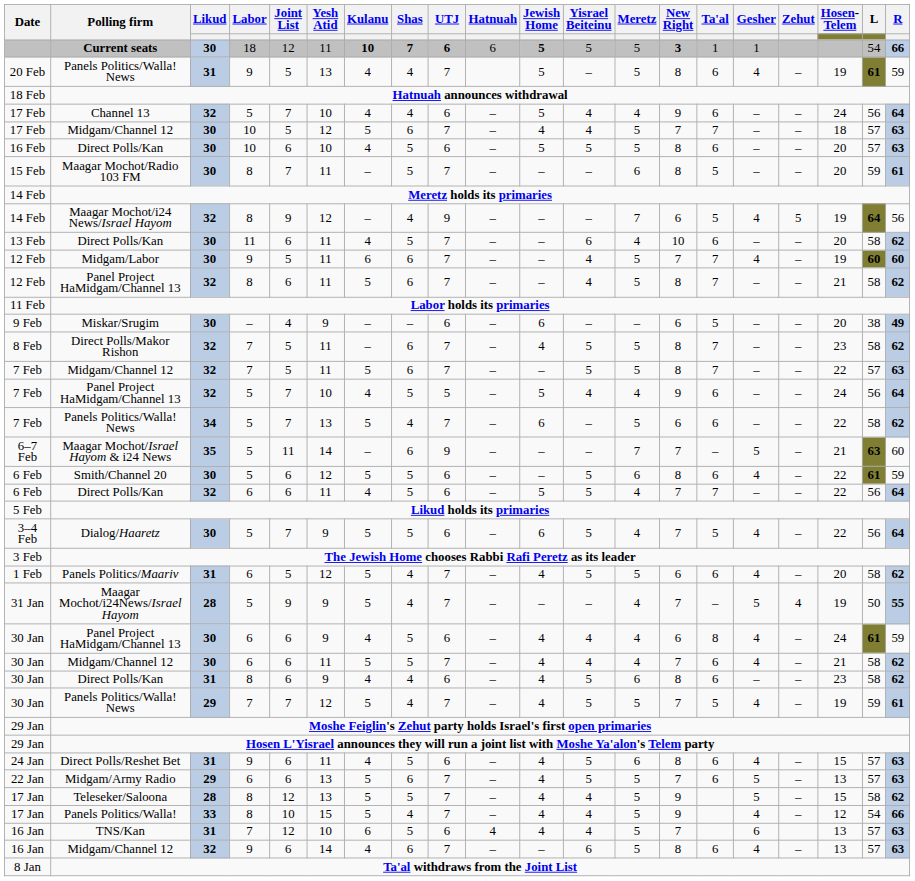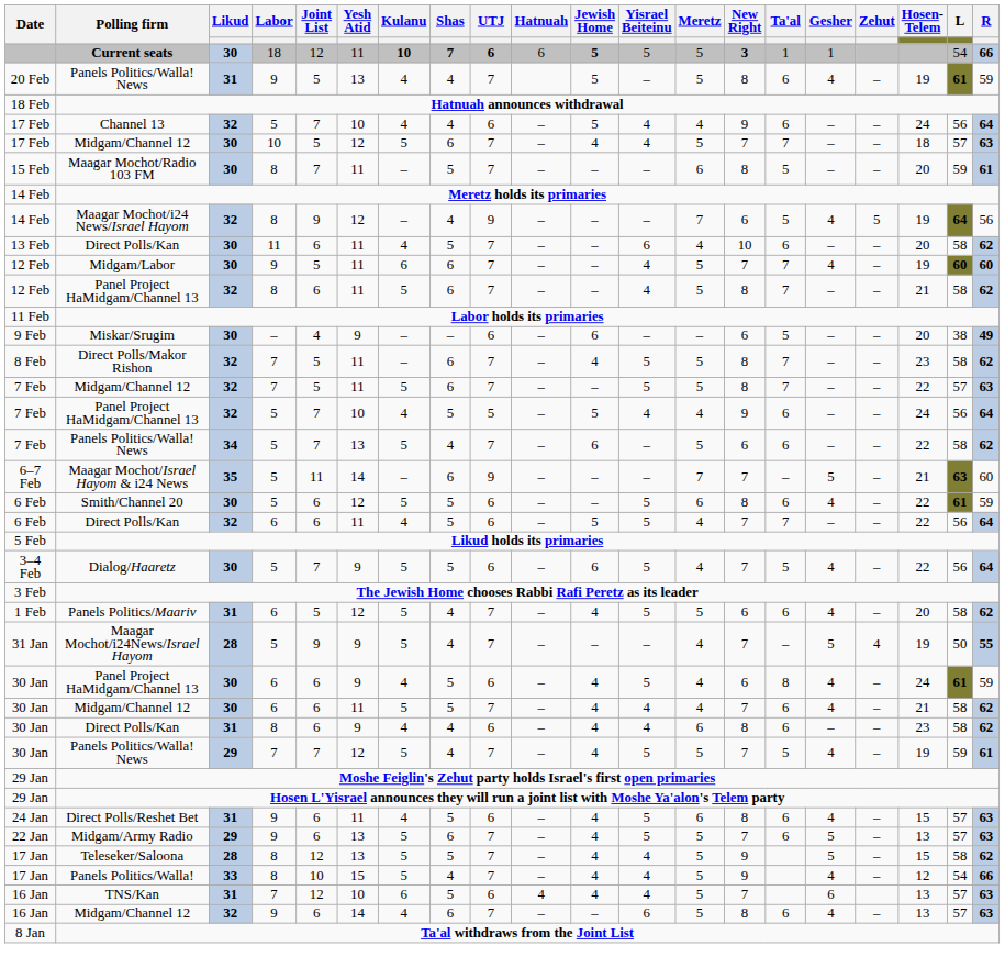 <table class="wikitable sortable" style="text-align:center;font-size:90%;line-height:13px">
 <tr>
 <th style="width:45px;" rowspan="2">Date</th>
 <th style="width:150px;" rowspan="2">Polling firm</th>
 <th class="unsortable" style="width:35px;"><a href='#'>Likud</a></th>
 <th class="unsortable" style="width:35px;"><a href='#'>Labor</a></th>
 <th class="unsortable" style="width:35px;"><a href='#'>Joint<br>List</a></th>
 <th class="unsortable" style="width:35px;"><a href='#'>Yesh<br>Atid</a></th>
 <th class="unsortable" style="width:35px;"><a href='#'>Kulanu</a></th>
 <th class="unsortable" style="width:35px;"><a href='#'>Shas</a></th>
 <th class="unsortable" style="width:35px;"><a href='#'>UTJ</a></th>
 <th class="unsortable" style="width:35px;"><a href='#'>Hatnuah</a></th>
 <th class="unsortable" style="width:35px;"><a href='#'>Jewish<br>Home</a></th>
 <th class="unsortable" style="width:35px;"><a href='#'>Yisrael<br>Beiteinu</a></th>
 <th class="unsortable" style="width:35px;"><a href='#'>Meretz</a></th>
 <th class="unsortable" style="width:35px;"><a href='#'>New<br>Right</a></th>
 <th class="unsortable" style="width:35px;"><a href='#'>Ta'al</a></th>
 <th class="unsortable" style="width:35px;"><a href='#'>Gesher</a></th>
 <th class="unsortable" style="width:35px;"><a href='#'>Zehut</a></th>
 <th class="unsortable" style="width:35px;"><a href='#'>Hosen</a>-<br><a href='#'>Telem</a></th>
 <th class="unsortable" style="width:20px;">L</th>
 <th class="unsortable" style="width:20px;"><a href='#'>R</a></th>
 </tr>
 <tr>
 <th style="color:inherit;background:"></th>
 <th style="color:inherit;background:"></th>
 <th style="color:inherit;background:"></th>
 <th style="color:inherit;background:"></th>
 <th style="color:inherit;background:"></th>
 <th style="color:inherit;background:"></th>
 <th style="color:inherit;background:"></th>
 <th style="color:inherit;background:"></th>
 <th style="color:inherit;background:"></th>
 <th style="color:inherit;background:"></th>
 <th style="color:inherit;background:"></th>
 <th style="color:inherit;background:"></th>
 <th style="color:inherit;background:"></th>
 <th style="color:inherit;background:"></th>
 <th style="color:inherit;background:"></th>
 <th style="color:inherit;background:#807e33;"></th>
 <th style="color:inherit;background:#807e33;"></th>
 <th style="color:inherit;background:"></th>
 </tr>
 <tr>
 <td style="background:silver"></td>
 <td style="background:silver"><strong>Current seats</strong></td>
 <td style="background:#BBCDE4"><strong>30</strong></td>
 <td style="background:silver">18</td>
 <td style="background:silver">12</td>
 <td style="background:silver">11</td>
 <td style="background:silver"><strong>10</strong></td>
 <td style="background:silver"><strong>7</strong></td>
 <td style="background:silver"><strong>6</strong></td>
 <td style="background:silver">6</td>
 <td style="background:silver"><strong>5</strong></td>
 <td style="background:silver">5</td>
 <td style="background:silver">5</td>
 <td style="background:silver"><strong>3</strong></td>
 <td style="background:silver">1</td>
 <td style="background:silver">1</td>
 <td style="background:silver"></td>
 <td style="background:silver"></td>
 <td style="background:silver">54</td>
 <td style="background:#BBCDE4"><strong>66</strong></td>
 </tr>
 <tr>
 <td data-sort-value="2019-02-20">20 Feb</td>
 <td>Panels Politics/Walla! News</td>
 <td style="background:#BBCDE4"><strong>31</strong>	</td>
 <td>9					</td>
 <td>5					</td>
 <td>13					</td>
 <td>4					</td>
 <td>4					</td>
 <td>7					</td>
 <td>				</td>
 <td>5					</td>
 <td>–					</td>
 <td>5					</td>
 <td>8					</td>
 <td>6					</td>
 <td>4					</td>
 <td>–					</td>
 <td>19					</td>
 <td style="background:#807e33"><strong>61</strong>	</td>
 <td>59					</td>
 </tr>
 <tr>
 <td data-sort-value="2019-02-18">18 Feb</td>
 <td colspan="19"><strong><a href='#'>Hatnuah</a> announces withdrawal</strong></td>
 </tr>
 <tr>
 <td data-sort-value="2019-02-17">17 Feb</td>
 <td>Channel 13</td>
 <td style="background:#BBCDE4"><strong>32</strong>	</td>
 <td>5					</td>
 <td>7					</td>
 <td>10					</td>
 <td>4					</td>
 <td>4					</td>
 <td>6					</td>
 <td>–					</td>
 <td>5					</td>
 <td>4					</td>
 <td>4					</td>
 <td>9					</td>
 <td>6					</td>
 <td>–					</td>
 <td>–					</td>
 <td>24					</td>
 <td>56					</td>
 <td style="background:#BBCDE4"><strong>64</strong>	</td>
 </tr>
 <tr>
 <td data-sort-value="2019-02-17">17 Feb</td>
 <td>Midgam/Channel 12</td>
 <td style="background:#BBCDE4"><strong>30</strong>	</td>
 <td>10					</td>
 <td>5					</td>
 <td>12					</td>
 <td>5					</td>
 <td>6					</td>
 <td>7					</td>
 <td>–					</td>
 <td>4					</td>
 <td>4					</td>
 <td>5					</td>
 <td>7					</td>
 <td>7					</td>
 <td>–					</td>
 <td>–					</td>
 <td>18					</td>
-<td>57					</td>
-<td style="background:#BBCDE4"><strong>63</strong>	</td>
-</tr>
-<tr>
-<td data-sort-value="2019-02-16">16 Feb</td>
-<td>Direct Polls/Kan</td>
-<td style="background:#BBCDE4"><strong>30</strong>	</td>
-<td>10					</td>
-<td>6					</td>
-<td>10					</td>
-<td>4					</td>
-<td>5					</td>
-<td>6					</td>
-<td>–					</td>
-<td>5					</td>
-<td>5					</td>
-<td>5					</td>
-<td>8					</td>
-<td>6					</td>
-<td>–					</td>
-<td>–					</td>
-<td>20					</td>
 <td>57					</td>
 <td style="background:#BBCDE4"><strong>63</strong>	</td>
 </tr>
 <tr>
 <td data-sort-value="2019-02-15">15 Feb</td>
 <td>Maagar Mochot/Radio 103 FM</td>
 <td style="background:#BBCDE4"><strong>30</strong>	</td>
 <td>8					</td>
 <td>7					</td>
 <td>11					</td>
 <td>–					</td>
 <td>5					</td>
 <td>7					</td>
 <td>–					</td>
 <td>–					</td>
 <td>–					</td>
 <td>6					</td>
 <td>8					</td>
 <td>5					</td>
 <td>–					</td>
 <td>–					</td>
 <td>20					</td>
 <td>59					</td>
 <td style="background:#BBCDE4"><strong>61</strong>	</td>
 </tr>
 <tr>
 <td data-sort-value="2019-02-14">14 Feb</td>
 <td colspan="19"><strong><a href='#'>Meretz</a> holds its <a href='#'>primaries</a></strong></td>
 </tr>
 <tr>
 <td data-sort-value="2019-02-14">14 Feb</td>
 <td>Maagar Mochot/i24 News/<em>Israel Hayom</em></td>
 <td style="background:#BBCDE4"><strong>32</strong>	</td>
 <td>8					</td>
 <td>9					</td>
 <td>12					</td>
 <td>–					</td>
 <td>4					</td>
 <td>9					</td>
 <td>–					</td>
 <td>–					</td>
 <td>–					</td>
 <td>7					</td>
 <td>6					</td>
 <td>5					</td>
 <td>4					</td>
 <td>5					</td>
 <td>19					</td>
 <td style="background:#807e33"><strong>64</strong>	</td>
 <td>56					</td>
 </tr>
 <tr>
 <td data-sort-value="2019-02-13">13 Feb</td>
 <td>Direct Polls/Kan</td>
 <td style="background:#BBCDE4"><strong>30</strong>	</td>
 <td>11					</td>
 <td>6					</td>
 <td>11					</td>
 <td>4					</td>
 <td>5					</td>
 <td>7					</td>
 <td>–					</td>
 <td>–					</td>
 <td>6					</td>
 <td>4					</td>
 <td>10					</td>
 <td>6					</td>
 <td>–					</td>
 <td>–					</td>
 <td>20					</td>
 <td>58					</td>
 <td style="background:#BBCDE4"><strong>62</strong>	</td>
 </tr>
 <tr>
 <td data-sort-value="2019-02-12">12 Feb</td>
 <td>Midgam/Labor</td>
 <td style="background:#BBCDE4"><strong>30</strong>	</td>
 <td>9					</td>
 <td>5					</td>
 <td>11					</td>
 <td>6					</td>
 <td>6					</td>
 <td>7					</td>
 <td>–					</td>
 <td>–					</td>
 <td>4					</td>
 <td>5					</td>
 <td>7					</td>
 <td>7					</td>
 <td>4					</td>
 <td>–					</td>
 <td>19					</td>
 <td style="background:#807e33"><strong>60</strong>	</td>
 <td style="background:#BBCDE4"><strong>60</strong>	</td>
 </tr>
 <tr>
 <td data-sort-value="2019-02-12">12 Feb</td>
 <td>Panel Project HaMidgam/Channel 13</td>
 <td style="background:#BBCDE4"><strong>32</strong>	</td>
 <td>8					</td>
 <td>6					</td>
 <td>11					</td>
 <td>5					</td>
 <td>6					</td>
 <td>7					</td>
 <td>–					</td>
 <td>–					</td>
 <td>4					</td>
 <td>5					</td>
 <td>8					</td>
 <td>7					</td>
 <td>–					</td>
 <td>–					</td>
 <td>21					</td>
 <td>58					</td>
 <td style="background:#BBCDE4"><strong>62</strong>	</td>
 </tr>
 <tr>
 <td data-sort-value="2019-02-11">11 Feb</td>
 <td colspan="19"><strong><a href='#'>Labor</a> holds its <a href='#'>primaries</a></strong></td>
 </tr>
 <tr>
 <td data-sort-value="2019-02-09">9 Feb</td>
 <td>Miskar/Srugim</td>
 <td style="background:#BBCDE4"><strong>30</strong>	</td>
 <td>–					</td>
 <td>4					</td>
 <td>9					</td>
 <td>–					</td>
 <td>–					</td>
 <td>6					</td>
 <td>–					</td>
 <td>6					</td>
 <td>–					</td>
 <td>–					</td>
 <td>6					</td>
 <td>5					</td>
 <td>–					</td>
 <td>–					</td>
 <td>20					</td>
 <td>38					</td>
 <td style="background:#BBCDE4"><strong>49</strong>	</td>
 </tr>
 <tr>
 <td data-sort-value="2019-02-08">8 Feb</td>
 <td>Direct Polls/Makor Rishon</td>
 <td style="background:#BBCDE4"><strong>32</strong>	</td>
 <td>7					</td>
 <td>5					</td>
 <td>11					</td>
 <td>–					</td>
 <td>6					</td>
 <td>7					</td>
 <td>–					</td>
 <td>4					</td>
 <td>5					</td>
 <td>5					</td>
 <td>8					</td>
 <td>7					</td>
 <td>–					</td>
 <td>–					</td>
 <td>23					</td>
 <td>58					</td>
 <td style="background:#BBCDE4"><strong>62</strong>	</td>
 </tr>
 <tr>
 <td data-sort-value="2019-02-07">7 Feb</td>
 <td>Midgam/Channel 12</td>
 <td style="background:#BBCDE4"><strong>32</strong>	</td>
 <td>7					</td>
 <td>5					</td>
 <td>11					</td>
 <td>5					</td>
 <td>6					</td>
 <td>7					</td>
 <td>–					</td>
 <td>–					</td>
 <td>5					</td>
 <td>5					</td>
 <td>8					</td>
 <td>7					</td>
 <td>–					</td>
 <td>–					</td>
 <td>22					</td>
 <td>57					</td>
 <td style="background:#BBCDE4"><strong>63</strong>	</td>
 </tr>
 <tr>
 <td data-sort-value="2019-02-07">7 Feb</td>
 <td>Panel Project HaMidgam/Channel 13</td>
 <td style="background:#BBCDE4"><strong>32</strong>	</td>
 <td>5					</td>
 <td>7					</td>
 <td>10					</td>
 <td>4					</td>
 <td>5					</td>
 <td>5					</td>
 <td>–					</td>
 <td>5					</td>
 <td>4					</td>
 <td>4					</td>
 <td>9					</td>
 <td>6					</td>
 <td>–					</td>
 <td>–					</td>
 <td>24					</td>
 <td>56					</td>
 <td style="background:#BBCDE4"><strong>64</strong>	</td>
 </tr>
 <tr>
 <td data-sort-value="2019-02-07">7 Feb</td>
 <td>Panels Politics/Walla! News</td>
 <td style="background:#BBCDE4"><strong>34</strong>	</td>
 <td>5					</td>
 <td>7					</td>
 <td>13					</td>
 <td>5					</td>
 <td>4					</td>
 <td>7					</td>
 <td>–					</td>
 <td>6					</td>
 <td>–					</td>
 <td>5					</td>
 <td>6					</td>
 <td>6					</td>
 <td>–					</td>
 <td>–					</td>
 <td>22					</td>
 <td>58					</td>
 <td style="background:#BBCDE4"><strong>62</strong>	</td>
 </tr>
 <tr>
 <td data-sort-value="2019-02-07">6–7 Feb</td>
 <td>Maagar Mochot/<em>Israel Hayom</em> & i24 News</td>
 <td style="background:#BBCDE4"><strong>35</strong>	</td>
 <td>5					</td>
 <td>11					</td>
 <td>14					</td>
 <td>–					</td>
 <td>6					</td>
 <td>9					</td>
 <td>–					</td>
 <td>–					</td>
 <td>–					</td>
 <td>7					</td>
 <td>7					</td>
 <td>–					</td>
 <td>5					</td>
 <td>–					</td>
 <td>21					</td>
 <td style="background:#807e33"><strong>63</strong>	</td>
 <td>60					</td>
 </tr>
 <tr>
 <td data-sort-value="2019-02-06">6 Feb</td>
 <td>Smith/Channel 20</td>
 <td style="background:#BBCDE4"><strong>30</strong>	</td>
 <td>5					</td>
 <td>6					</td>
 <td>12					</td>
 <td>5					</td>
 <td>5					</td>
 <td>6					</td>
 <td>–					</td>
 <td>–					</td>
 <td>5					</td>
 <td>6					</td>
 <td>8					</td>
 <td>6					</td>
 <td>4					</td>
 <td>–					</td>
 <td>22					</td>
 <td style="background:#807e33"><strong>61</strong>	</td>
 <td>59					</td>
 </tr>
 <tr>
 <td data-sort-value="2019-02-06">6 Feb</td>
 <td>Direct Polls/Kan</td>
 <td style="background:#BBCDE4"><strong>32</strong>	</td>
 <td>6					</td>
 <td>6					</td>
 <td>11					</td>
 <td>4					</td>
 <td>5					</td>
 <td>6					</td>
 <td>–					</td>
 <td>5					</td>
 <td>5					</td>
 <td>4					</td>
 <td>7					</td>
 <td>7					</td>
 <td>–					</td>
 <td>–					</td>
 <td>22					</td>
 <td>56					</td>
 <td style="background:#BBCDE4"><strong>64</strong>	</td>
 </tr>
 <tr>
 <td data-sort-value="2019-02-05">5 Feb</td>
 <td colspan="19"><strong><a href='#'>Likud</a> holds its <a href='#'>primaries</a></strong></td>
 </tr>
 <tr>
 <td data-sort-value="2019-02-04">3–4 Feb</td>
 <td>Dialog/<em>Haaretz</em></td>
 <td style="background:#BBCDE4"><strong>30</strong>	</td>
 <td>5					</td>
 <td>7					</td>
 <td>9					</td>
 <td>5					</td>
 <td>5					</td>
 <td>6					</td>
 <td>–					</td>
 <td>6					</td>
 <td>5					</td>
 <td>4					</td>
 <td>7					</td>
 <td>5					</td>
 <td>4					</td>
 <td>–					</td>
 <td>22					</td>
 <td>56					</td>
 <td style="background:#BBCDE4"><strong>64</strong>	</td>
 </tr>
 <tr>
 <td data-sort-value="2019-02-03">3 Feb</td>
 <td colspan="19"><strong><a href='#'>The Jewish Home</a> chooses Rabbi <a href='#'>Rafi Peretz</a> as its leader</strong></td>
 </tr>
 <tr>
 <td data-sort-value="2019-02-01">1 Feb</td>
 <td>Panels Politics/<em>Maariv</em></td>
 <td style="background:#BBCDE4"><strong>31</strong>	</td>
 <td>6					</td>
 <td>5					</td>
 <td>12					</td>
 <td>5					</td>
 <td>4					</td>
 <td>7					</td>
 <td>–					</td>
 <td>4					</td>
 <td>5					</td>
 <td>5					</td>
 <td>6					</td>
 <td>6					</td>
 <td>4					</td>
 <td>–					</td>
 <td>20					</td>
 <td>58					</td>
 <td style="background:#BBCDE4"><strong>62</strong>	</td>
 </tr>
 <tr>
 <td data-sort-value="2019-01-31">31 Jan</td>
 <td>Maagar Mochot/i24News/<em>Israel Hayom</em></td>
 <td style="background:#BBCDE4"><strong>28</strong>	</td>
 <td>5					</td>
 <td>9					</td>
 <td>9					</td>
 <td>5					</td>
 <td>4					</td>
 <td>7					</td>
 <td>–					</td>
 <td>–					</td>
 <td>–					</td>
 <td>4					</td>
 <td>7					</td>
 <td>–					</td>
 <td>5					</td>
 <td>4					</td>
 <td>19					</td>
 <td>50					</td>
 <td style="background:#BBCDE4"><strong>55</strong>	</td>
 </tr>
 <tr>
 <td data-sort-value="2019-01-30">30 Jan</td>
 <td>Panel Project HaMidgam/Channel 13</td>
 <td style="background:#BBCDE4"><strong>30</strong>	</td>
 <td>6					</td>
 <td>6					</td>
 <td>9					</td>
 <td>4					</td>
 <td>5					</td>
 <td>6					</td>
 <td>–					</td>
 <td>4					</td>
-<td>4					</td>
+<td>5					</td>
 <td>4					</td>
 <td>6					</td>
 <td>8					</td>
 <td>4					</td>
 <td>–					</td>
 <td>24					</td>
 <td style="background:#807e33"><strong>61</strong>	</td>
 <td>59					</td>
 </tr>
 <tr>
 <td data-sort-value="2019-01-30">30 Jan</td>
 <td>Midgam/Channel 12</td>
 <td style="background:#BBCDE4"><strong>30</strong>	</td>
 <td>6					</td>
 <td>6					</td>
 <td>11					</td>
 <td>5					</td>
 <td>5					</td>
 <td>7					</td>
 <td>–					</td>
 <td>4					</td>
 <td>4					</td>
 <td>4					</td>
 <td>7					</td>
 <td>6					</td>
 <td>4					</td>
 <td>–					</td>
 <td>21					</td>
 <td>58					</td>
 <td style="background:#BBCDE4"><strong>62</strong>	</td>
 </tr>
 <tr>
 <td data-sort-value="2019-01-30">30 Jan</td>
 <td>Direct Polls/Kan</td>
 <td style="background:#BBCDE4"><strong>31</strong>	</td>
 <td>8					</td>
 <td>6					</td>
 <td>9					</td>
 <td>4					</td>
 <td>4					</td>
 <td>6					</td>
 <td>–					</td>
 <td>4					</td>
-<td>5					</td>
+<td>4					</td>
 <td>6					</td>
 <td>8					</td>
 <td>6					</td>
 <td>–					</td>
 <td>–					</td>
 <td>23					</td>
 <td>58					</td>
 <td style="background:#BBCDE4"><strong>62</strong>	</td>
 </tr>
 <tr>
 <td data-sort-value="2019-01-30">30 Jan</td>
 <td>Panels Politics/Walla! News</td>
 <td style="background:#BBCDE4"><strong>29</strong>	</td>
 <td>7					</td>
 <td>7					</td>
 <td>12					</td>
 <td>5					</td>
 <td>4					</td>
 <td>7					</td>
 <td>–					</td>
 <td>4					</td>
 <td>5					</td>
 <td>5					</td>
 <td>7					</td>
 <td>5					</td>
 <td>4					</td>
 <td>–					</td>
 <td>19					</td>
 <td>59					</td>
 <td style="background:#BBCDE4"><strong>61</strong>	</td>
 </tr>
 <tr>
 <td data-sort-value="2019-01-29">29 Jan</td>
 <td colspan="19"><strong><a href='#'>Moshe Feiglin</a>'s <a href='#'>Zehut</a> party holds Israel's first <a href='#'>open primaries</a></strong></td>
 </tr>
 <tr>
 <td data-sort-value="2019-01-29">29 Jan</td>
 <td colspan="19"><strong><a href='#'>Hosen L'Yisrael</a> announces they will run a joint list with <a href='#'>Moshe Ya'alon</a>'s <a href='#'>Telem</a> party</strong></td>
 </tr>
 <tr>
 <td data-sort-value="2019-01-24">24 Jan</td>
 <td>Direct Polls/Reshet Bet</td>
 <td style="background:#BBCDE4"><strong>31</strong>	</td>
 <td>9					</td>
 <td>6					</td>
 <td>11					</td>
 <td>4					</td>
 <td>5					</td>
 <td>6					</td>
 <td>–					</td>
 <td>4					</td>
 <td>5					</td>
 <td>6					</td>
 <td>8					</td>
 <td>6					</td>
 <td>4					</td>
 <td>–					</td>
 <td>15					</td>
 <td>57					</td>
 <td style="background:#BBCDE4"><strong>63</strong>	</td>
 </tr>
 <tr>
 <td data-sort-value="2019-01-22">22 Jan</td>
 <td>Midgam/Army Radio</td>
 <td style="background:#BBCDE4"><strong>29</strong>	</td>
-<td>6					</td>
+<td>9					</td>
 <td>6					</td>
 <td>13					</td>
 <td>5					</td>
 <td>6					</td>
 <td>7					</td>
 <td>–					</td>
 <td>4					</td>
 <td>5					</td>
 <td>5					</td>
 <td>7					</td>
 <td>6					</td>
 <td>5					</td>
 <td>–					</td>
 <td>13					</td>
 <td>57					</td>
 <td style="background:#BBCDE4"><strong>63</strong>	</td>
 </tr>
 <tr>
 <td data-sort-value="2019-01-17">17 Jan</td>
 <td>Teleseker/Saloona</td>
 <td style="background:#BBCDE4"><strong>28</strong>	</td>
 <td>8					</td>
 <td>12					</td>
 <td>13					</td>
 <td>5					</td>
 <td>5					</td>
 <td>7					</td>
 <td>–					</td>
 <td>4					</td>
 <td>4					</td>
 <td>5					</td>
 <td>9					</td>
 <td>				</td>
 <td>5					</td>
 <td>–					</td>
 <td>15					</td>
 <td>58					</td>
 <td style="background:#BBCDE4"><strong>62</strong>	</td>
 </tr>
 <tr>
 <td data-sort-value="2019-01-17">17 Jan</td>
 <td>Panels Politics/Walla!</td>
 <td style="background:#BBCDE4"><strong>33</strong>	</td>
 <td>8					</td>
 <td>10					</td>
 <td>15					</td>
 <td>5					</td>
 <td>4					</td>
 <td>7					</td>
 <td>–					</td>
 <td>4					</td>
 <td>4					</td>
 <td>5					</td>
 <td>9					</td>
 <td>				</td>
 <td>4					</td>
 <td>–					</td>
 <td>12					</td>
 <td>54					</td>
 <td style="background:#BBCDE4"><strong>66</strong>	</td>
 </tr>
 <tr>
 <td data-sort-value="2019-01-16">16 Jan</td>
 <td>TNS/Kan</td>
 <td style="background:#BBCDE4"><strong>31</strong>	</td>
 <td>7					</td>
 <td>12					</td>
 <td>10					</td>
 <td>6					</td>
 <td>5					</td>
 <td>6					</td>
 <td>4					</td>
 <td>4					</td>
 <td>4					</td>
 <td>5					</td>
 <td>7					</td>
 <td>				</td>
 <td>6					</td>
 <td>				</td>
 <td>13					</td>
 <td>57					</td>
 <td style="background:#BBCDE4"><strong>63</strong>	</td>
 </tr>
 <tr>
 <td data-sort-value="2019-01-16">16 Jan</td>
 <td>Midgam/Channel 12</td>
 <td style="background:#BBCDE4"><strong>32</strong>	</td>
 <td>9					</td>
 <td>6					</td>
 <td>14					</td>
 <td>4					</td>
 <td>6					</td>
 <td>7					</td>
 <td>–					</td>
 <td>–					</td>
 <td>6					</td>
 <td>5					</td>
 <td>8					</td>
 <td>6					</td>
 <td>4					</td>
 <td>–					</td>
 <td>13					</td>
 <td>57					</td>
 <td style="background:#BBCDE4"><strong>63</strong>	</td>
 </tr>
 <tr>
 <td data-sort-value="2019-01-08">8 Jan</td>
 <td colspan="19"><strong><a href='#'>Ta'al</a> withdraws from the <a href='#'>Joint List</a></strong></td>
 </tr>
 </table>
